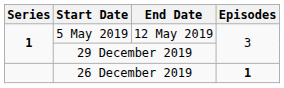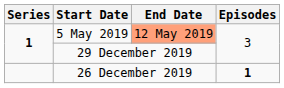 <table class="wikitable" style="text-align:center;">
 <tr>
 <th>Series</th>
 <th>Start Date</th>
 <th>End Date</th>
 <th>Episodes</th>
 </tr>
 <tr>
 <td rowspan="2"><strong>1</strong></td>
 <td>5 May 2019</td>
-<td>12 May 2019</td>
+<td style="background: lightsalmon;">12 May 2019</td>
 <td rowspan="2">3</td>
 </tr>
 <tr>
 <td colspan="2">29 December 2019</td>
 </tr>
 <tr>
 <td><strong></strong></td>
 <td colspan="2">26 December 2019</td>
 <td><strong>1</strong></td>
 </tr>
 </table>
